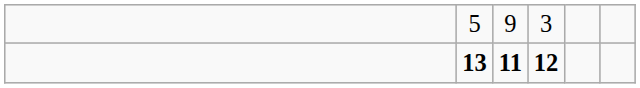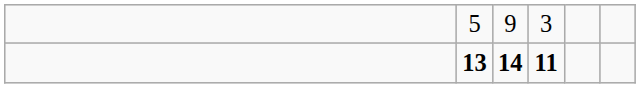 <table class="wikitable">
 <tr>
 <td style="width:18em"></td>
 <td align=center style="width:1em">5</td>
 <td align=center style="width:1em">9</td>
 <td align=center style="width:1em">3</td>
 <td align=center style="width:1em"></td>
 <td align=center style="width:1em"></td>
 </tr>
 <tr>
 <td style="width:18em"><strong></strong></td>
 <td align=center style="width:1em"><strong>13</strong></td>
+<td align=center style="width:1em"><strong>14</strong></td>
 <td align=center style="width:1em"><strong>11</strong></td>
-<td align=center style="width:1em"><strong>12</strong></td>
 <td align=center style="width:1em"></td>
 <td align=center style="width:1em"></td>
 </tr>
 </table>
